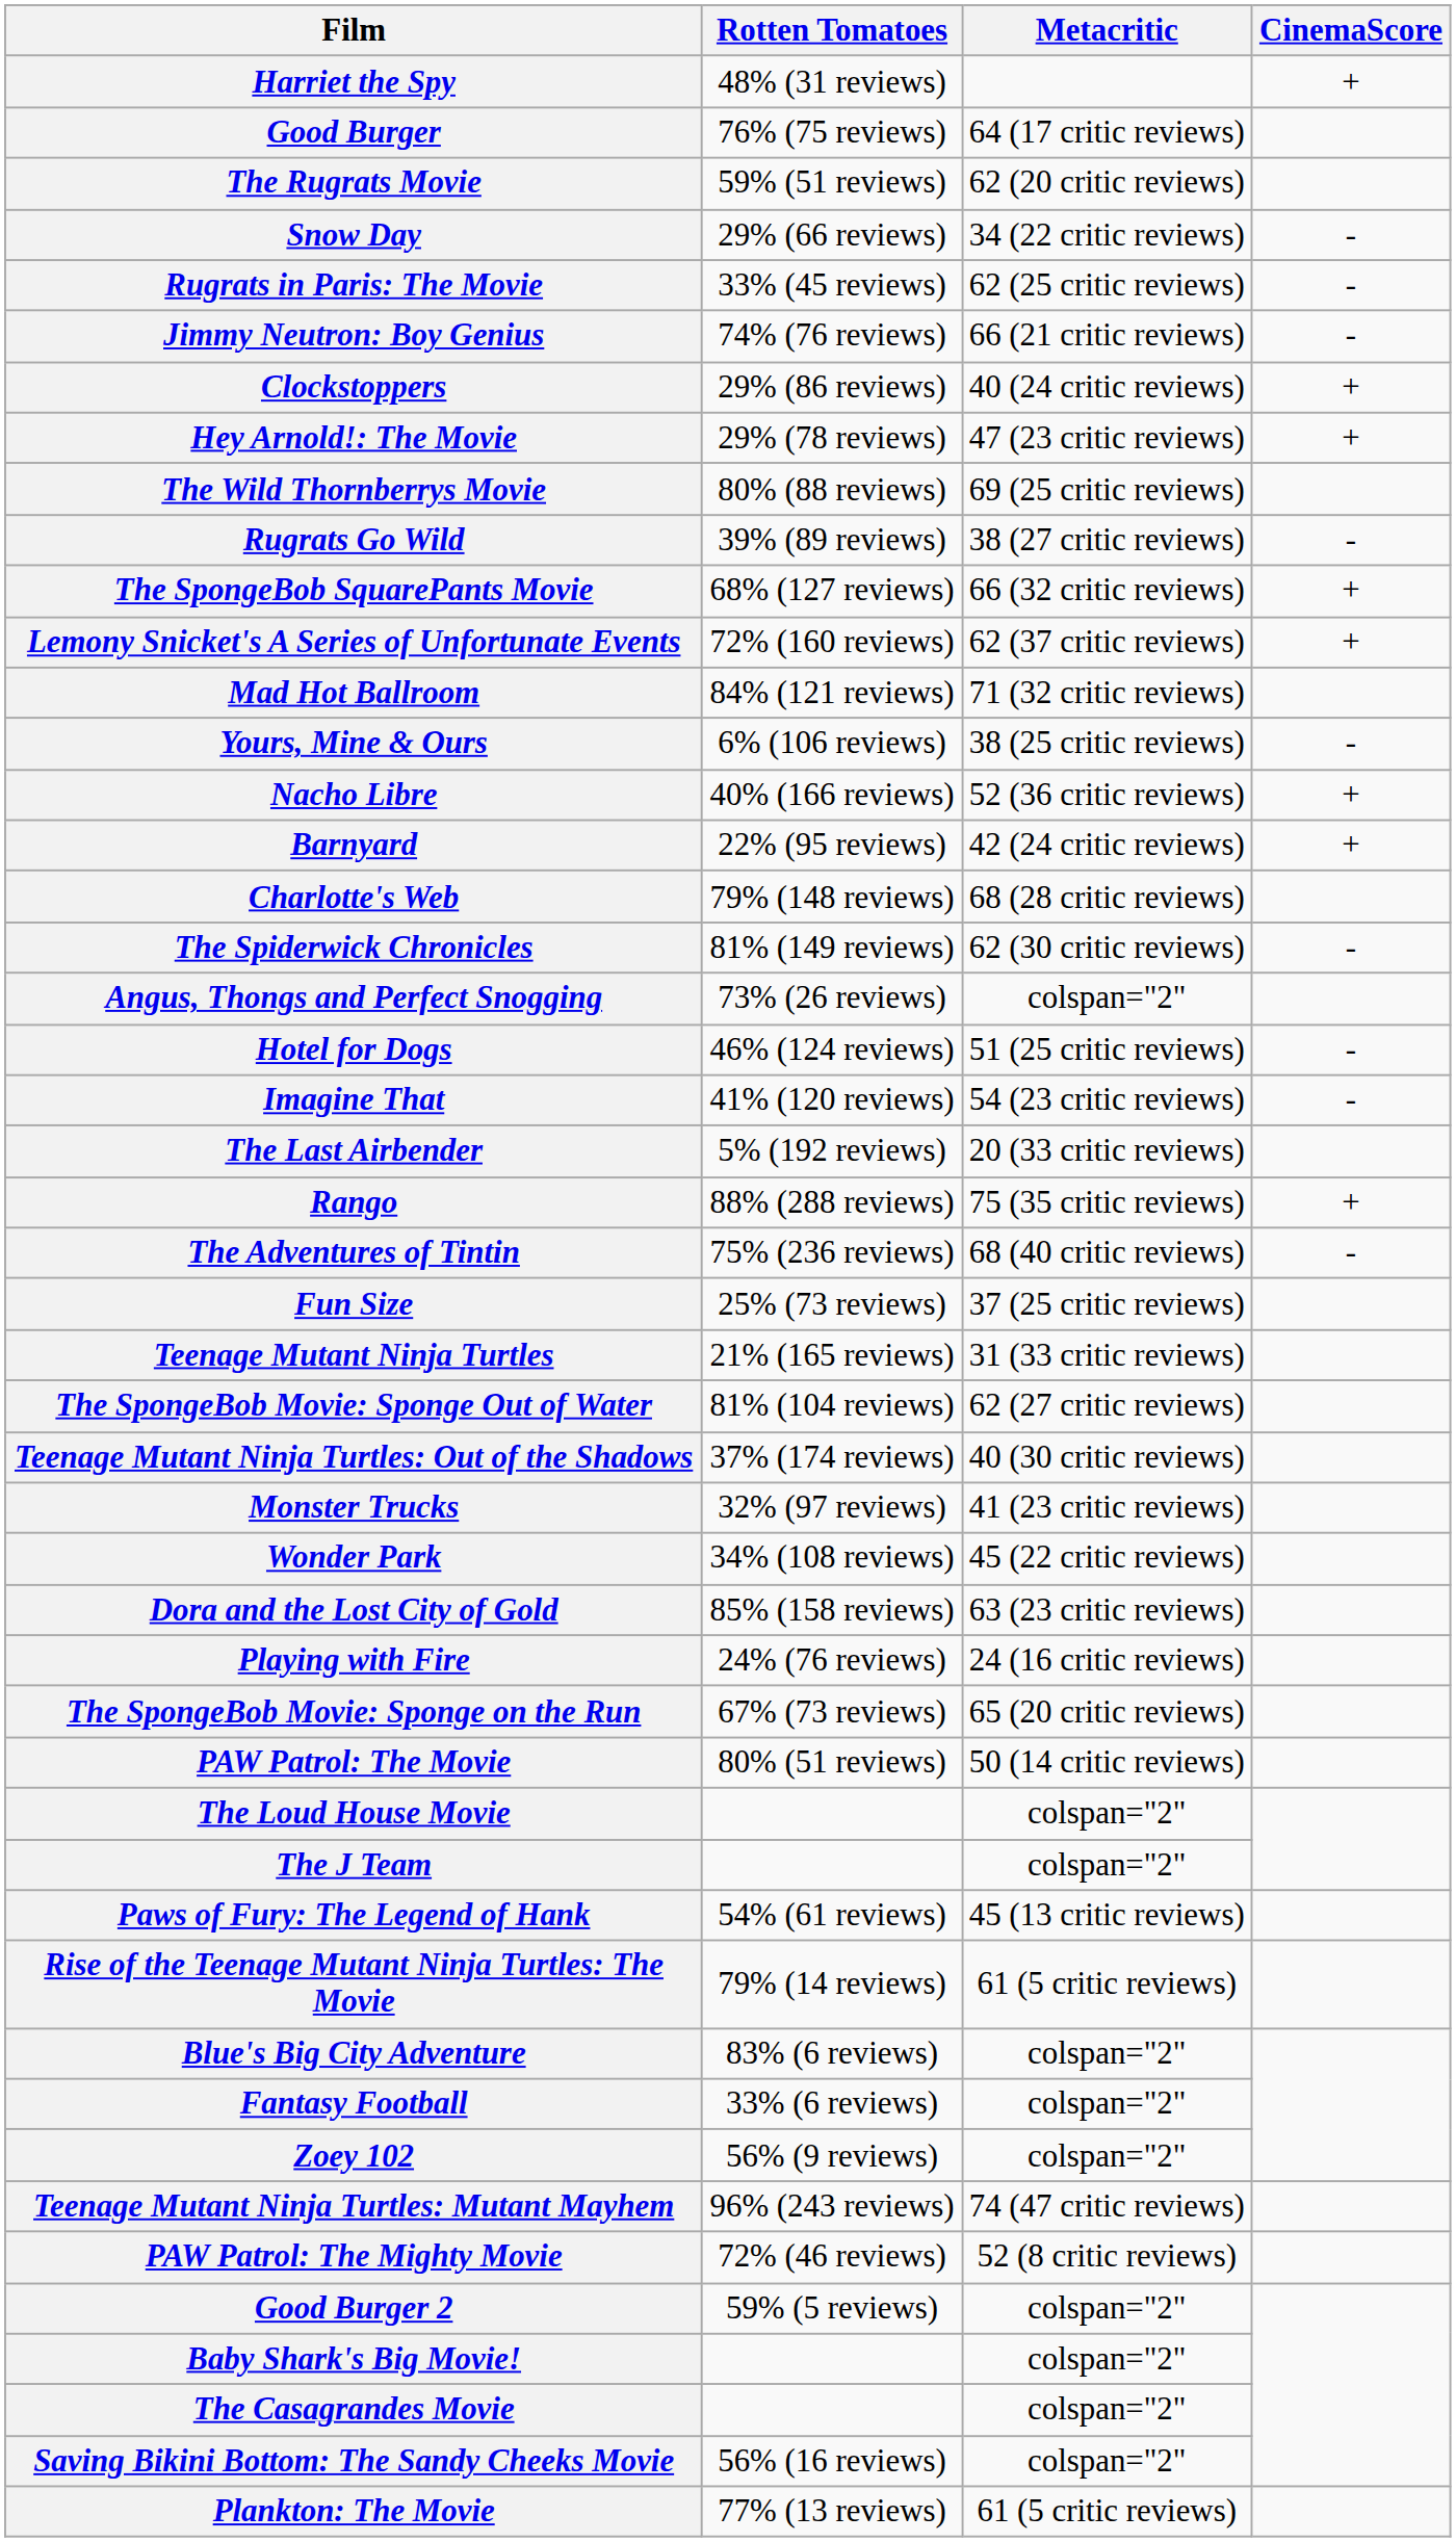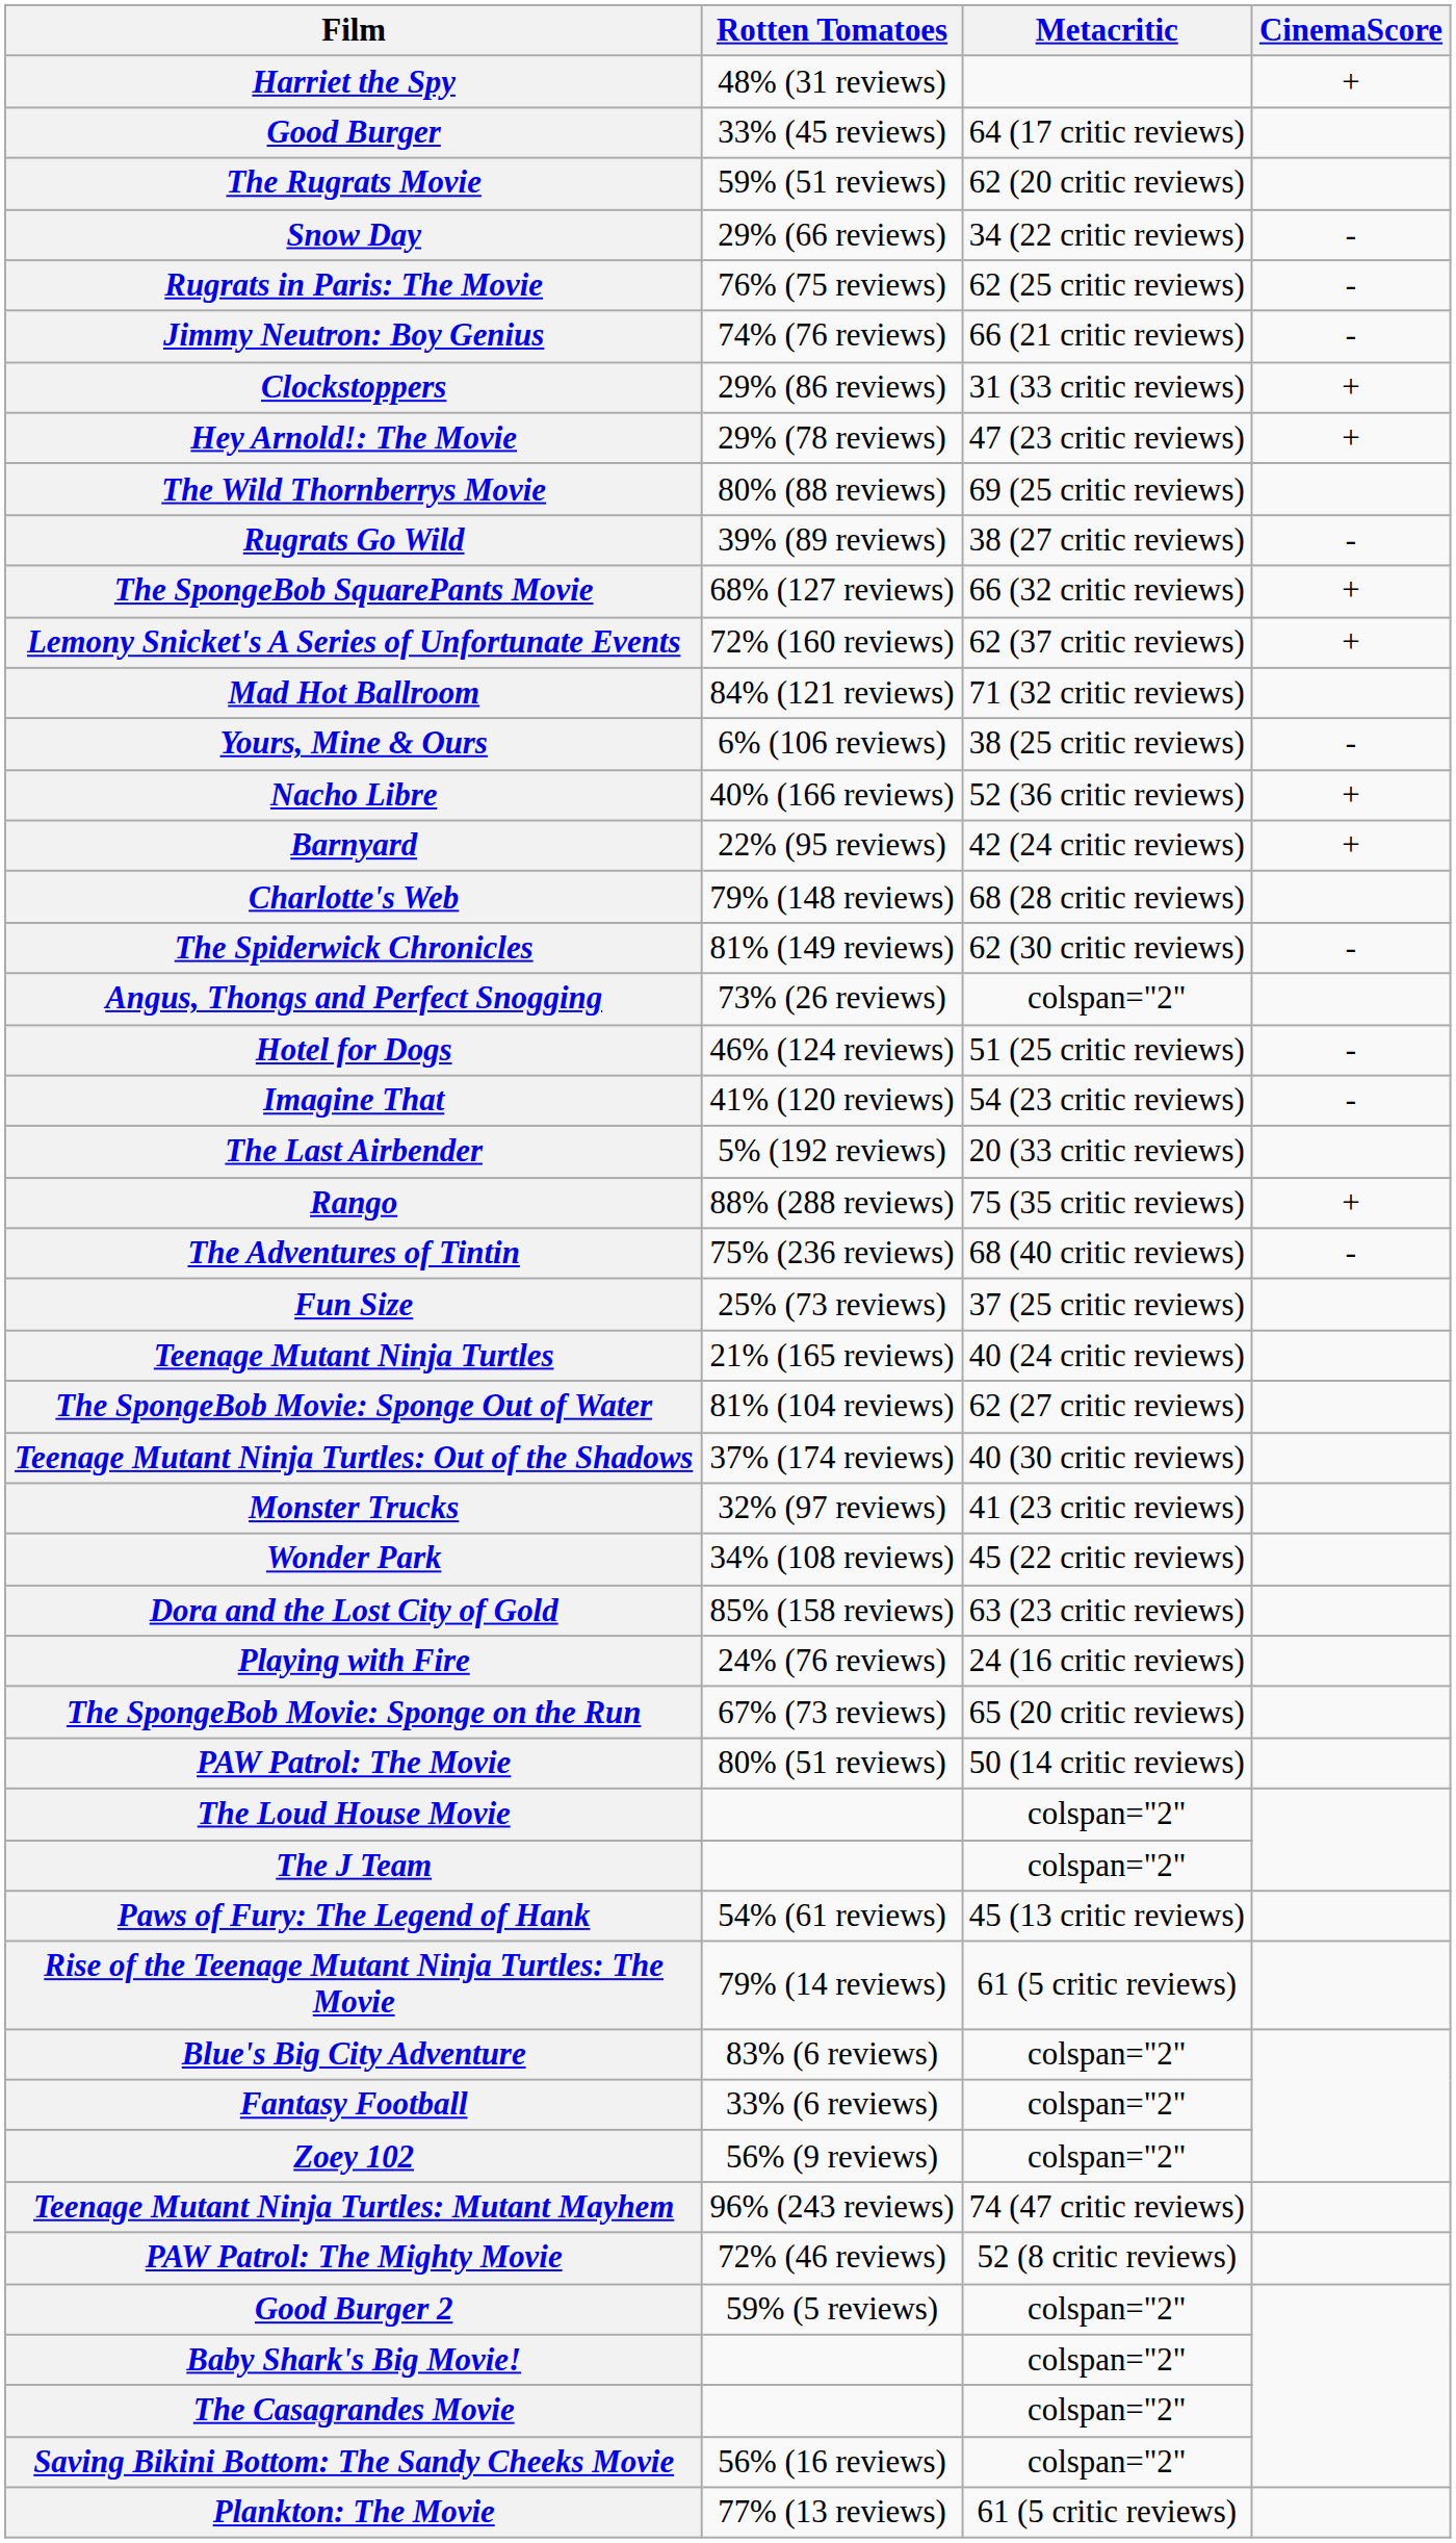 <table class="sortable wikitable plainrowheaders" style="text-align: center;">
 <tr>
 <th style="width:340px;">Film</th>
 <th data-sort-type="number"><a href='#'>Rotten Tomatoes</a></th>
 <th data-sort-type="number"><a href='#'>Metacritic</a></th>
 <th><a href='#'>CinemaScore</a></th>
 </tr>
 <tr>
 <th scope="row"><em><a href='#'>Harriet the Spy</a></em></th>
 <td>48% (31 reviews)</td>
 <td></td>
 <td>+</td>
 </tr>
 <tr>
 <th scope="row"><em><a href='#'>Good Burger</a></em></th>
-<td>76% (75 reviews)</td>
+<td>33% (45 reviews)</td>
 <td>64 (17 critic reviews)</td>
 <td></td>
 </tr>
 <tr>
 <th scope="row"><em><a href='#'>The Rugrats Movie</a></em></th>
 <td>59% (51 reviews)</td>
 <td>62 (20 critic reviews)</td>
 <td></td>
 </tr>
 <tr>
 <th scope="row"><a href='#'><em>Snow Day</em></a></th>
 <td>29% (66 reviews)</td>
 <td>34 (22 critic reviews)</td>
 <td>-</td>
 </tr>
 <tr>
 <th scope="row"><em><a href='#'>Rugrats in Paris: The Movie</a></em></th>
-<td>33% (45 reviews)</td>
+<td>76% (75 reviews)</td>
 <td>62 (25 critic reviews)</td>
 <td>-</td>
 </tr>
 <tr>
 <th scope="row"><em><a href='#'>Jimmy Neutron: Boy Genius</a></em></th>
 <td>74% (76 reviews)</td>
 <td>66 (21 critic reviews)</td>
 <td>-</td>
 </tr>
 <tr>
 <th scope="row"><em><a href='#'>Clockstoppers</a></em></th>
 <td>29% (86 reviews)</td>
-<td>40 (24 critic reviews)</td>
+<td>31 (33 critic reviews)</td>
 <td>+</td>
 </tr>
 <tr>
 <th scope="row"><em><a href='#'>Hey Arnold!: The Movie</a></em></th>
 <td>29% (78 reviews)</td>
 <td>47 (23 critic reviews)</td>
 <td>+</td>
 </tr>
 <tr>
 <th scope="row"><em><a href='#'>The Wild Thornberrys Movie</a></em></th>
 <td>80% (88 reviews)</td>
 <td>69 (25 critic reviews)</td>
 <td></td>
 </tr>
 <tr>
 <th scope="row"><em><a href='#'>Rugrats Go Wild</a></em></th>
 <td>39% (89 reviews)</td>
 <td>38 (27 critic reviews)</td>
 <td>-</td>
 </tr>
 <tr>
 <th scope="row"><em><a href='#'>The SpongeBob SquarePants Movie</a></em></th>
 <td>68% (127 reviews)</td>
 <td>66 (32 critic reviews)</td>
 <td>+</td>
 </tr>
 <tr>
 <th scope="row"><em><a href='#'>Lemony Snicket's A Series of Unfortunate Events</a></em></th>
 <td>72% (160 reviews)</td>
 <td>62 (37 critic reviews)</td>
 <td>+</td>
 </tr>
 <tr>
 <th scope="row"><em><a href='#'>Mad Hot Ballroom</a></em></th>
 <td>84% (121 reviews)</td>
 <td>71 (32 critic reviews)</td>
 <td></td>
 </tr>
 <tr>
 <th scope="row"><em><a href='#'>Yours, Mine & Ours</a></em></th>
 <td>6% (106 reviews)</td>
 <td>38 (25 critic reviews)</td>
 <td>-</td>
 </tr>
 <tr>
 <th scope="row"><em><a href='#'>Nacho Libre</a></em></th>
 <td>40% (166 reviews)</td>
 <td>52 (36 critic reviews)</td>
 <td>+</td>
 </tr>
 <tr>
 <th scope="row"><em><a href='#'>Barnyard</a></em></th>
 <td>22% (95 reviews)</td>
 <td>42 (24 critic reviews)</td>
 <td>+</td>
 </tr>
 <tr>
 <th scope="row"><em><a href='#'>Charlotte's Web</a></em></th>
 <td>79% (148 reviews)</td>
 <td>68 (28 critic reviews)</td>
 <td></td>
 </tr>
 <tr>
 <th scope="row"><em><a href='#'>The Spiderwick Chronicles</a></em></th>
 <td>81% (149 reviews)</td>
 <td>62 (30 critic reviews)</td>
 <td>-</td>
 </tr>
 <tr>
 <th scope="row"><em><a href='#'>Angus, Thongs and Perfect Snogging</a></em></th>
 <td>73% (26 reviews)</td>
 <td>colspan="2" </td>
 </tr>
 <tr>
 <th scope="row"><em><a href='#'>Hotel for Dogs</a></em></th>
 <td>46% (124 reviews)</td>
 <td>51 (25 critic reviews)</td>
 <td>-</td>
 </tr>
 <tr>
 <th scope="row"><em><a href='#'>Imagine That</a></em></th>
 <td>41% (120 reviews)</td>
 <td>54 (23 critic reviews)</td>
 <td>-</td>
 </tr>
 <tr>
 <th scope="row"><em><a href='#'>The Last Airbender</a></em></th>
 <td>5% (192 reviews)</td>
 <td>20 (33 critic reviews)</td>
 <td></td>
 </tr>
 <tr>
 <th scope="row"><em><a href='#'>Rango</a></em></th>
 <td>88% (288 reviews)</td>
 <td>75 (35 critic reviews)</td>
 <td>+</td>
 </tr>
 <tr>
 <th scope="row"><em><a href='#'>The Adventures of Tintin</a></em></th>
 <td>75% (236 reviews)</td>
 <td>68 (40 critic reviews)</td>
 <td>-</td>
 </tr>
 <tr>
 <th scope="row"><em><a href='#'>Fun Size</a></em></th>
 <td>25% (73 reviews)</td>
 <td>37 (25 critic reviews)</td>
 <td></td>
 </tr>
 <tr>
 <th scope="row"><em><a href='#'>Teenage Mutant Ninja Turtles</a></em></th>
 <td>21% (165 reviews)</td>
-<td>31 (33 critic reviews)</td>
+<td>40 (24 critic reviews)</td>
 <td></td>
 </tr>
 <tr>
 <th scope="row"><em><a href='#'>The SpongeBob Movie: Sponge Out of Water</a></em></th>
 <td>81% (104 reviews)</td>
 <td>62 (27 critic reviews)</td>
 <td></td>
 </tr>
 <tr>
 <th scope="row"><em><a href='#'>Teenage Mutant Ninja Turtles: Out of the Shadows</a></em></th>
 <td>37% (174 reviews)</td>
 <td>40 (30 critic reviews)</td>
 <td></td>
 </tr>
 <tr>
 <th scope="row"><em><a href='#'>Monster Trucks</a></em></th>
 <td>32% (97 reviews)</td>
 <td>41 (23 critic reviews)</td>
 <td></td>
 </tr>
 <tr>
 <th scope="row"><em><a href='#'>Wonder Park</a></em></th>
 <td>34% (108 reviews)</td>
 <td>45 (22 critic reviews)</td>
 <td></td>
 </tr>
 <tr>
 <th scope="row"><em><a href='#'>Dora and the Lost City of Gold</a></em></th>
 <td>85% (158 reviews)</td>
 <td>63 (23 critic reviews)</td>
 <td></td>
 </tr>
 <tr>
 <th scope="row"><em><a href='#'>Playing with Fire</a></em></th>
 <td>24% (76 reviews)</td>
 <td>24 (16 critic reviews)</td>
 <td></td>
 </tr>
 <tr>
 <th scope="row"><em><a href='#'>The SpongeBob Movie: Sponge on the Run</a></em></th>
 <td>67% (73 reviews)</td>
 <td>65 (20 critic reviews)</td>
 <td></td>
 </tr>
 <tr>
 <th scope="row"><em><a href='#'>PAW Patrol: The Movie</a></em></th>
 <td>80% (51 reviews)</td>
 <td>50 (14 critic reviews)</td>
 <td></td>
 </tr>
 <tr>
 <th scope="row"><em><a href='#'>The Loud House Movie</a></em></th>
 <td></td>
 <td>colspan="2" </td>
 </tr>
 <tr>
 <th scope="row"><em><a href='#'>The J Team</a></em></th>
 <td></td>
 <td>colspan="2" </td>
 </tr>
 <tr>
 <th scope="row"><em><a href='#'>Paws of Fury: The Legend of Hank</a></em></th>
 <td>54% (61 reviews)</td>
 <td>45 (13 critic reviews)</td>
 <td></td>
 </tr>
 <tr>
 <th scope="row"><em><a href='#'>Rise of the Teenage Mutant Ninja Turtles: The Movie</a></em></th>
 <td>79% (14 reviews)</td>
 <td>61 (5 critic reviews)</td>
 <td></td>
 </tr>
 <tr>
 <th scope="row"><em><a href='#'>Blue's Big City Adventure</a></em></th>
 <td>83% (6 reviews)</td>
 <td>colspan="2" </td>
 </tr>
 <tr>
 <th scope="row"><em><a href='#'>Fantasy Football</a></em></th>
 <td>33% (6 reviews)</td>
 <td>colspan="2" </td>
 </tr>
 <tr>
 <th scope="row"><em><a href='#'>Zoey 102</a></em></th>
 <td>56% (9 reviews)</td>
 <td>colspan="2" </td>
 </tr>
 <tr>
 <th scope="row"><em><a href='#'>Teenage Mutant Ninja Turtles: Mutant Mayhem</a></em></th>
 <td>96% (243 reviews)</td>
 <td>74 (47 critic reviews)</td>
 <td></td>
 </tr>
 <tr>
 <th scope="row"><em><a href='#'>PAW Patrol: The Mighty Movie</a></em></th>
 <td>72% (46 reviews)</td>
 <td>52 (8 critic reviews)</td>
 <td></td>
 </tr>
 <tr>
 <th scope="row"><em><a href='#'>Good Burger 2</a></em></th>
 <td>59% (5 reviews)</td>
 <td>colspan="2" </td>
 </tr>
 <tr>
 <th scope="row"><em><a href='#'>Baby Shark's Big Movie!</a></em></th>
 <td></td>
 <td>colspan="2" </td>
 </tr>
 <tr>
 <th scope="row"><em><a href='#'>The Casagrandes Movie</a></em></th>
 <td></td>
 <td>colspan="2" </td>
 </tr>
 <tr>
 <th scope="row"><em><a href='#'>Saving Bikini Bottom: The Sandy Cheeks Movie</a></em></th>
 <td>56% (16 reviews)</td>
 <td>colspan="2" </td>
 </tr>
 <tr>
 <th scope="row"><em><a href='#'>Plankton: The Movie</a></em></th>
 <td>77% (13 reviews)</td>
 <td>61 (5 critic reviews)</td>
 <td></td>
 </tr>
 </table>
